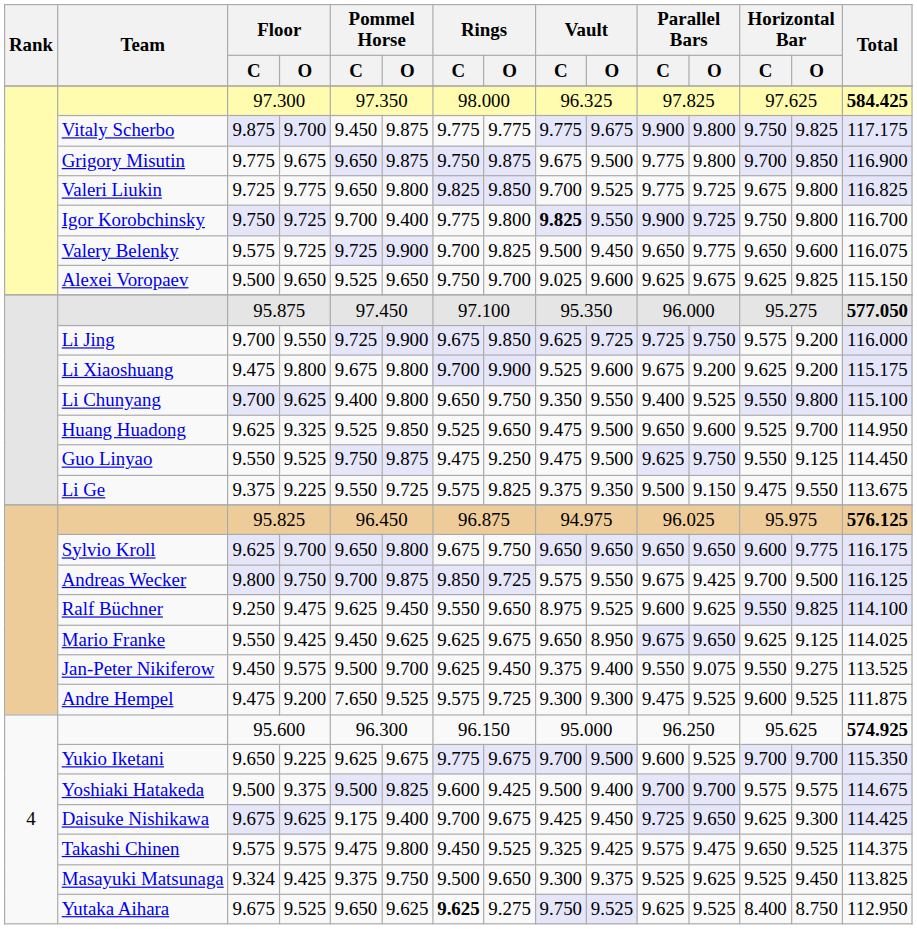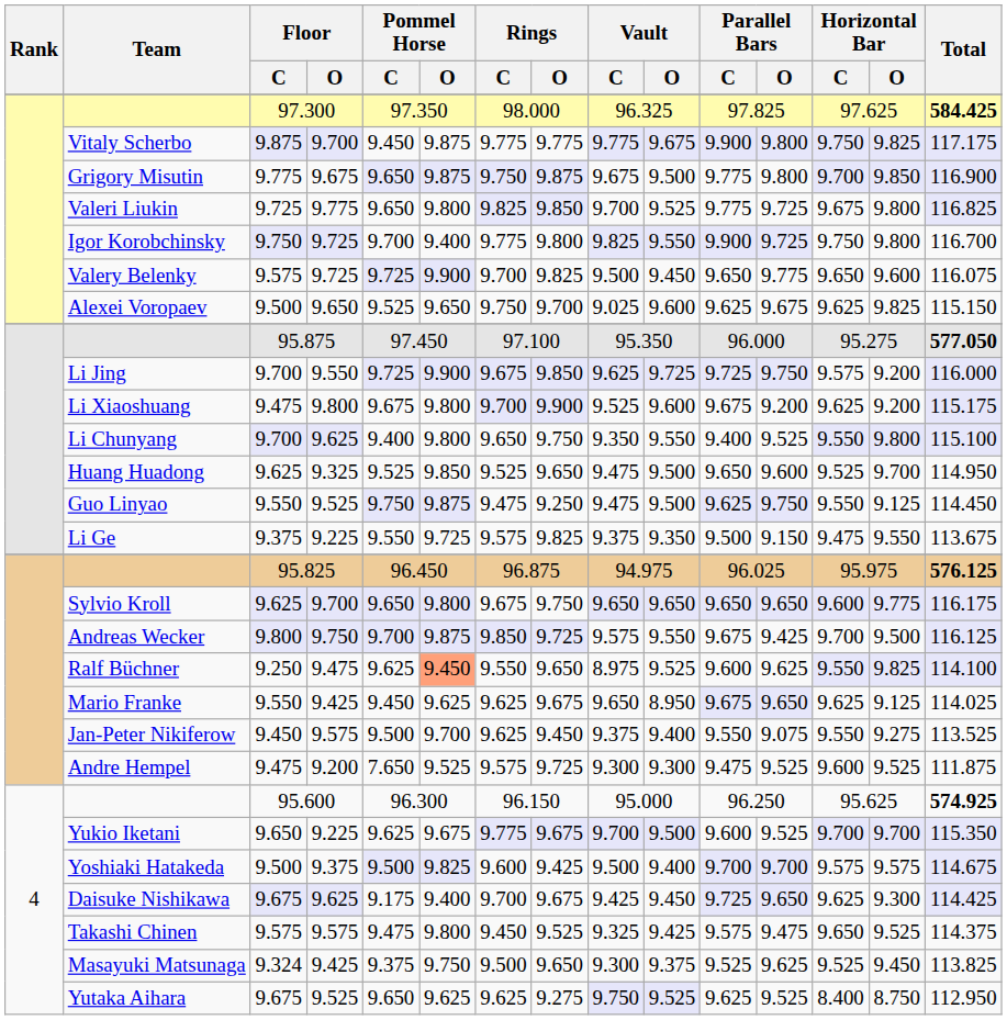 <table class="wikitable" style="text-align:center">
 <tr>
 <th rowspan=2>Rank</th>
 <th rowspan=2>Team</th>
 <th colspan=2>Floor</th>
 <th colspan=2>Pommel<br>Horse</th>
 <th colspan=2>Rings</th>
 <th colspan=2>Vault</th>
 <th colspan=2>Parallel<br>Bars</th>
 <th colspan=2>Horizontal<br>Bar</th>
 <th rowspan=2>Total</th>
 </tr>
 <tr>
 <th>C</th>
 <th>O</th>
 <th>C</th>
 <th>O</th>
 <th>C</th>
 <th>O</th>
 <th>C</th>
 <th>O</th>
 <th>C</th>
 <th>O</th>
 <th>C</th>
 <th>O</th>
 </tr>
 <tr>
 </tr>
 <tr style="background:#fffcaf;">
 <td rowspan=7></td>
 <td align=left></td>
 <td colspan=2>97.300</td>
 <td colspan=2>97.350</td>
 <td colspan=2>98.000</td>
 <td colspan=2>96.325</td>
 <td colspan=2>97.825</td>
 <td colspan=2>97.625</td>
 <td><strong>584.425</strong></td>
 </tr>
 <tr>
 <td align=left><a href='#'>Vitaly Scherbo</a></td>
 <td bgcolor="lavender">9.875</td>
 <td bgcolor="lavender">9.700</td>
 <td>9.450</td>
 <td>9.875</td>
 <td>9.775</td>
 <td>9.775</td>
 <td bgcolor="lavender">9.775</td>
 <td bgcolor="lavender">9.675</td>
 <td bgcolor="lavender">9.900</td>
 <td bgcolor="lavender">9.800</td>
 <td bgcolor="lavender">9.750</td>
 <td bgcolor="lavender">9.825</td>
 <td bgcolor="lavender">117.175</td>
 </tr>
 <tr>
 <td align=left><a href='#'>Grigory Misutin</a></td>
 <td>9.775</td>
 <td>9.675</td>
 <td bgcolor="lavender">9.650</td>
 <td bgcolor="lavender">9.875</td>
 <td bgcolor="lavender">9.750</td>
 <td bgcolor="lavender">9.875</td>
 <td>9.675</td>
 <td>9.500</td>
 <td>9.775</td>
 <td>9.800</td>
 <td bgcolor="lavender">9.700</td>
 <td bgcolor="lavender">9.850</td>
 <td bgcolor="lavender">116.900</td>
 </tr>
 <tr>
 <td align=left><a href='#'>Valeri Liukin</a></td>
 <td>9.725</td>
 <td>9.775</td>
 <td>9.650</td>
 <td>9.800</td>
 <td bgcolor="lavender">9.825</td>
 <td bgcolor="lavender">9.850</td>
 <td>9.700</td>
 <td>9.525</td>
 <td>9.775</td>
 <td>9.725</td>
 <td>9.675</td>
 <td>9.800</td>
 <td bgcolor="lavender">116.825</td>
 </tr>
 <tr>
 <td align=left><a href='#'>Igor Korobchinsky</a></td>
 <td bgcolor="lavender">9.750</td>
 <td bgcolor="lavender">9.725</td>
 <td>9.700</td>
 <td>9.400</td>
 <td>9.775</td>
 <td>9.800</td>
-<td bgcolor="lavender"><strong>9.825</strong></td>
+<td bgcolor="lavender">9.825</td>
 <td bgcolor="lavender">9.550</td>
 <td bgcolor="lavender">9.900</td>
 <td bgcolor="lavender">9.725</td>
 <td>9.750</td>
 <td>9.800</td>
 <td>116.700</td>
 </tr>
 <tr>
 <td align=left><a href='#'>Valery Belenky</a></td>
 <td>9.575</td>
 <td>9.725</td>
 <td bgcolor="lavender">9.725</td>
 <td bgcolor="lavender">9.900</td>
 <td>9.700</td>
 <td>9.825</td>
 <td>9.500</td>
 <td>9.450</td>
 <td>9.650</td>
 <td>9.775</td>
 <td>9.650</td>
 <td>9.600</td>
 <td>116.075</td>
 </tr>
 <tr>
 <td align=left><a href='#'>Alexei Voropaev</a></td>
 <td>9.500</td>
 <td>9.650</td>
 <td>9.525</td>
 <td>9.650</td>
 <td>9.750</td>
 <td>9.700</td>
 <td>9.025</td>
 <td>9.600</td>
 <td>9.625</td>
 <td>9.675</td>
 <td>9.625</td>
 <td>9.825</td>
 <td>115.150</td>
 </tr>
 <tr>
 </tr>
 <tr style="background:#e5e5e5;">
 <td rowspan=7></td>
 <td align=left></td>
 <td colspan=2>95.875</td>
 <td colspan=2>97.450</td>
 <td colspan=2>97.100</td>
 <td colspan=2>95.350</td>
 <td colspan=2>96.000</td>
 <td colspan=2>95.275</td>
 <td><strong>577.050</strong></td>
 </tr>
 <tr>
 <td align=left><a href='#'>Li Jing</a></td>
 <td>9.700</td>
 <td>9.550</td>
 <td bgcolor="lavender">9.725</td>
 <td bgcolor="lavender">9.900</td>
 <td bgcolor="lavender">9.675</td>
 <td bgcolor="lavender">9.850</td>
 <td bgcolor="lavender">9.625</td>
 <td bgcolor="lavender">9.725</td>
 <td bgcolor="lavender">9.725</td>
 <td bgcolor="lavender">9.750</td>
 <td>9.575</td>
 <td>9.200</td>
 <td bgcolor="lavender">116.000</td>
 </tr>
 <tr>
 <td align=left><a href='#'>Li Xiaoshuang</a></td>
 <td>9.475</td>
 <td>9.800</td>
 <td>9.675</td>
 <td>9.800</td>
 <td bgcolor="lavender">9.700</td>
 <td bgcolor="lavender">9.900</td>
 <td>9.525</td>
 <td>9.600</td>
 <td>9.675</td>
 <td>9.200</td>
 <td>9.625</td>
 <td>9.200</td>
 <td bgcolor="lavender">115.175</td>
 </tr>
 <tr>
 <td align=left><a href='#'>Li Chunyang</a></td>
 <td bgcolor="lavender">9.700</td>
 <td bgcolor="lavender">9.625</td>
 <td>9.400</td>
 <td>9.800</td>
 <td>9.650</td>
 <td>9.750</td>
 <td>9.350</td>
 <td>9.550</td>
 <td>9.400</td>
 <td>9.525</td>
 <td bgcolor="lavender">9.550</td>
 <td bgcolor="lavender">9.800</td>
 <td bgcolor="lavender">115.100</td>
 </tr>
 <tr>
 <td align=left><a href='#'>Huang Huadong</a></td>
 <td>9.625</td>
 <td>9.325</td>
 <td>9.525</td>
 <td>9.850</td>
 <td>9.525</td>
 <td>9.650</td>
 <td>9.475</td>
 <td>9.500</td>
 <td>9.650</td>
 <td>9.600</td>
 <td>9.525</td>
 <td>9.700</td>
 <td>114.950</td>
 </tr>
 <tr>
 <td align=left><a href='#'>Guo Linyao</a></td>
 <td>9.550</td>
 <td>9.525</td>
 <td bgcolor="lavender">9.750</td>
 <td bgcolor="lavender">9.875</td>
 <td>9.475</td>
 <td>9.250</td>
 <td>9.475</td>
 <td>9.500</td>
 <td bgcolor="lavender">9.625</td>
 <td bgcolor="lavender">9.750</td>
 <td>9.550</td>
 <td>9.125</td>
 <td>114.450</td>
 </tr>
 <tr>
 <td align=left><a href='#'>Li Ge</a></td>
 <td>9.375</td>
 <td>9.225</td>
 <td>9.550</td>
 <td>9.725</td>
 <td>9.575</td>
 <td>9.825</td>
 <td>9.375</td>
 <td>9.350</td>
 <td>9.500</td>
 <td>9.150</td>
 <td>9.475</td>
 <td>9.550</td>
 <td>113.675</td>
 </tr>
 <tr>
 </tr>
 <tr style="background:#ec9;">
 <td rowspan=7></td>
 <td align=left></td>
 <td colspan=2>95.825</td>
 <td colspan=2>96.450</td>
 <td colspan=2>96.875</td>
 <td colspan=2>94.975</td>
 <td colspan=2>96.025</td>
 <td colspan=2>95.975</td>
 <td><strong>576.125</strong></td>
 </tr>
 <tr>
 <td align=left><a href='#'>Sylvio Kroll</a></td>
 <td bgcolor="lavender">9.625</td>
 <td bgcolor="lavender">9.700</td>
 <td bgcolor="lavender">9.650</td>
 <td bgcolor="lavender">9.800</td>
 <td>9.675</td>
 <td>9.750</td>
 <td bgcolor="lavender">9.650</td>
 <td bgcolor="lavender">9.650</td>
 <td bgcolor="lavender">9.650</td>
 <td bgcolor="lavender">9.650</td>
 <td bgcolor="lavender">9.600</td>
 <td bgcolor="lavender">9.775</td>
 <td bgcolor="lavender">116.175</td>
 </tr>
 <tr>
 <td align=left><a href='#'>Andreas Wecker</a></td>
 <td bgcolor="lavender">9.800</td>
 <td bgcolor="lavender">9.750</td>
 <td bgcolor="lavender">9.700</td>
 <td bgcolor="lavender">9.875</td>
 <td bgcolor="lavender">9.850</td>
 <td bgcolor="lavender">9.725</td>
 <td>9.575</td>
 <td>9.550</td>
 <td>9.675</td>
 <td>9.425</td>
 <td>9.700</td>
 <td>9.500</td>
 <td bgcolor="lavender">116.125</td>
 </tr>
 <tr>
 <td align=left><a href='#'>Ralf Büchner</a></td>
 <td>9.250</td>
 <td>9.475</td>
 <td>9.625</td>
-<td>9.450</td>
+<td style="background: lightsalmon;">9.450</td>
 <td>9.550</td>
 <td>9.650</td>
 <td>8.975</td>
 <td>9.525</td>
 <td>9.600</td>
 <td>9.625</td>
 <td bgcolor="lavender">9.550</td>
 <td bgcolor="lavender">9.825</td>
 <td bgcolor="lavender">114.100</td>
 </tr>
 <tr>
 <td align=left><a href='#'>Mario Franke</a></td>
 <td>9.550</td>
 <td>9.425</td>
 <td>9.450</td>
 <td>9.625</td>
 <td>9.625</td>
 <td>9.675</td>
 <td>9.650</td>
 <td>8.950</td>
 <td bgcolor="lavender">9.675</td>
 <td bgcolor="lavender">9.650</td>
 <td>9.625</td>
 <td>9.125</td>
 <td>114.025</td>
 </tr>
 <tr>
 <td align=left><a href='#'>Jan-Peter Nikiferow</a></td>
 <td>9.450</td>
 <td>9.575</td>
 <td>9.500</td>
 <td>9.700</td>
 <td>9.625</td>
 <td>9.450</td>
 <td>9.375</td>
 <td>9.400</td>
 <td>9.550</td>
 <td>9.075</td>
 <td>9.550</td>
 <td>9.275</td>
 <td>113.525</td>
 </tr>
 <tr>
 <td align=left><a href='#'>Andre Hempel</a></td>
 <td>9.475</td>
 <td>9.200</td>
 <td>7.650</td>
 <td>9.525</td>
 <td>9.575</td>
 <td>9.725</td>
 <td>9.300</td>
 <td>9.300</td>
 <td>9.475</td>
 <td>9.525</td>
 <td>9.600</td>
 <td>9.525</td>
 <td>111.875</td>
 </tr>
 <tr>
 <td rowspan=7>4</td>
 <td align=left></td>
 <td colspan=2>95.600</td>
 <td colspan=2>96.300</td>
 <td colspan=2>96.150</td>
 <td colspan=2>95.000</td>
 <td colspan=2>96.250</td>
 <td colspan=2>95.625</td>
 <td><strong>574.925</strong></td>
 </tr>
 <tr>
 <td align=left><a href='#'>Yukio Iketani</a></td>
 <td>9.650</td>
 <td>9.225</td>
 <td>9.625</td>
 <td>9.675</td>
 <td bgcolor="lavender">9.775</td>
 <td bgcolor="lavender">9.675</td>
 <td bgcolor="lavender">9.700</td>
 <td bgcolor="lavender">9.500</td>
 <td>9.600</td>
 <td>9.525</td>
 <td bgcolor="lavender">9.700</td>
 <td bgcolor="lavender">9.700</td>
 <td bgcolor="lavender">115.350</td>
 </tr>
 <tr>
 <td align=left><a href='#'>Yoshiaki Hatakeda</a></td>
 <td>9.500</td>
 <td>9.375</td>
 <td bgcolor="lavender">9.500</td>
 <td bgcolor="lavender">9.825</td>
 <td>9.600</td>
 <td>9.425</td>
 <td>9.500</td>
 <td>9.400</td>
 <td bgcolor="lavender">9.700</td>
 <td bgcolor="lavender">9.700</td>
 <td>9.575</td>
 <td>9.575</td>
 <td bgcolor="lavender">114.675</td>
 </tr>
 <tr>
 <td align=left><a href='#'>Daisuke Nishikawa</a></td>
 <td bgcolor="lavender">9.675</td>
 <td bgcolor="lavender">9.625</td>
 <td>9.175</td>
 <td>9.400</td>
 <td>9.700</td>
 <td>9.675</td>
 <td>9.425</td>
 <td>9.450</td>
 <td bgcolor="lavender">9.725</td>
 <td bgcolor="lavender">9.650</td>
 <td>9.625</td>
 <td>9.300</td>
 <td bgcolor="lavender">114.425</td>
 </tr>
 <tr>
 <td align=left><a href='#'>Takashi Chinen</a></td>
 <td>9.575</td>
 <td>9.575</td>
 <td>9.475</td>
 <td>9.800</td>
 <td>9.450</td>
 <td>9.525</td>
 <td>9.325</td>
 <td>9.425</td>
 <td>9.575</td>
 <td>9.475</td>
 <td>9.650</td>
 <td>9.525</td>
 <td>114.375</td>
 </tr>
 <tr>
 <td align=left><a href='#'>Masayuki Matsunaga</a></td>
 <td>9.324</td>
 <td>9.425</td>
 <td>9.375</td>
 <td>9.750</td>
 <td>9.500</td>
 <td>9.650</td>
 <td>9.300</td>
 <td>9.375</td>
 <td>9.525</td>
 <td>9.625</td>
 <td>9.525</td>
 <td>9.450</td>
 <td>113.825</td>
 </tr>
 <tr>
 <td align=left><a href='#'>Yutaka Aihara</a></td>
 <td>9.675</td>
 <td>9.525</td>
 <td>9.650</td>
 <td>9.625</td>
-<td><strong>9.625</strong></td>
+<td>9.625</td>
 <td>9.275</td>
 <td bgcolor="lavender">9.750</td>
 <td bgcolor="lavender">9.525</td>
 <td>9.625</td>
 <td>9.525</td>
 <td>8.400</td>
 <td>8.750</td>
 <td>112.950</td>
 </tr>
 </table>
